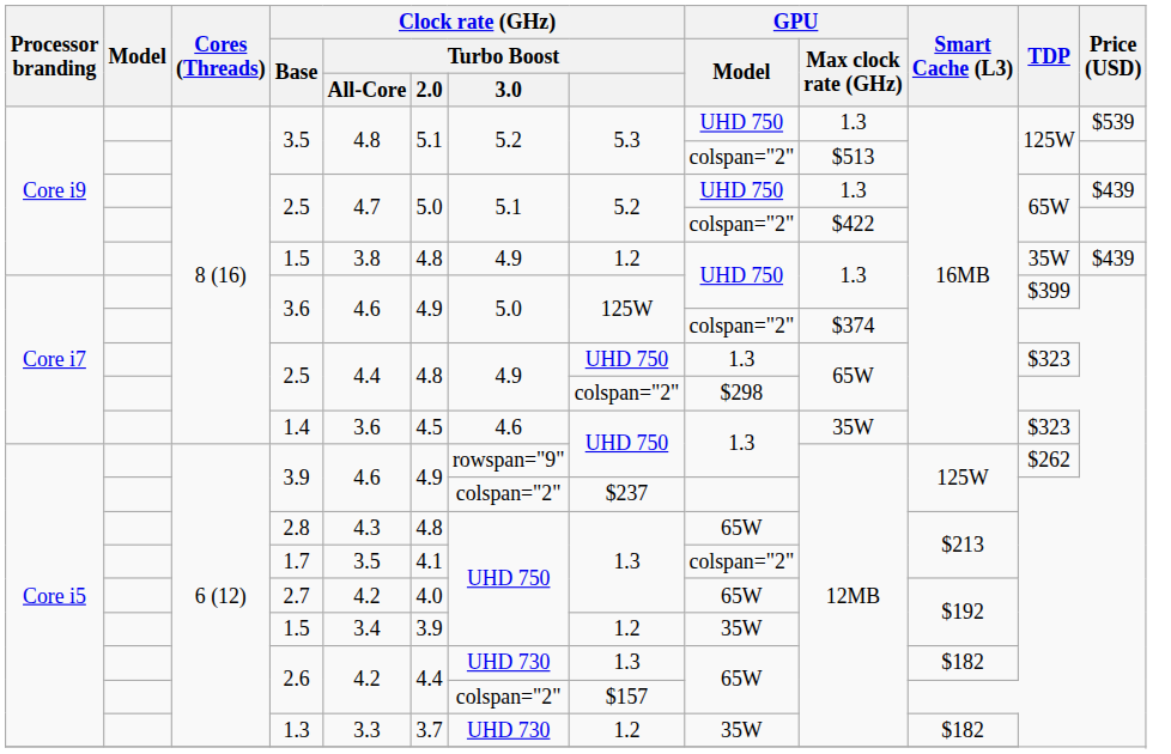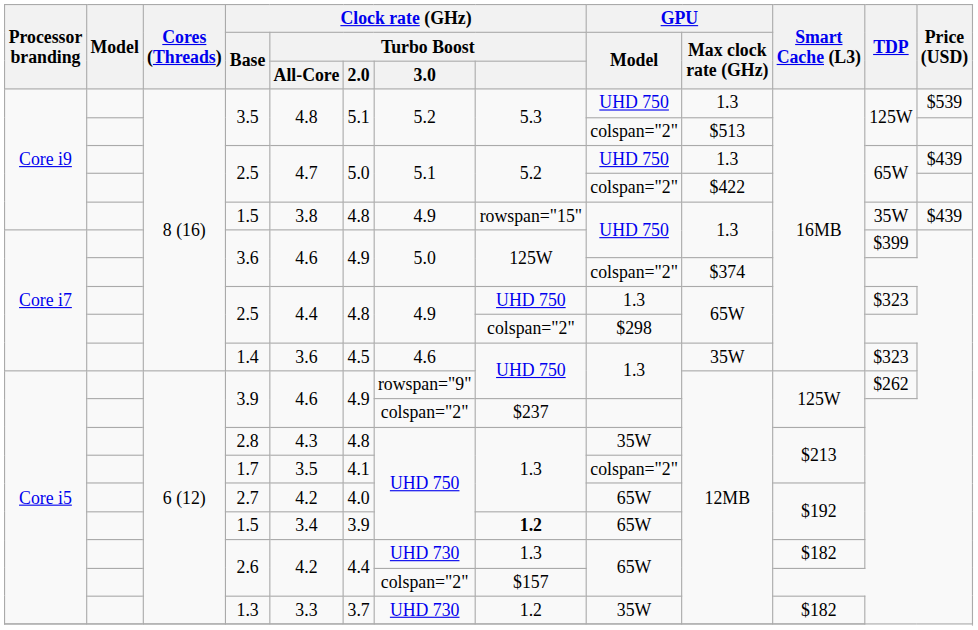 <table class="wikitable sortable" style="text-align: center;">
 <tr>
 <th rowspan="3">Processor<br>branding</th>
 <th rowspan="3">Model</th>
 <th rowspan="3"><a href='#'>Cores</a> <br> (<a href='#'>Threads</a>)</th>
 <th colspan="5"><a href='#'>Clock rate</a> (GHz)</th>
 <th colspan="2"><a href='#'>GPU</a></th>
 <th rowspan="3"><a href='#'>Smart <br> Cache</a> (L3)</th>
 <th rowspan="3"><a href='#'>TDP</a></th>
 <th rowspan="3">Price <br> (USD)</th>
 </tr>
 <tr>
 <th rowspan="2">Base</th>
 <th colspan="4">Turbo Boost</th>
 <th rowspan="2">Model</th>
 <th rowspan="2">Max clock <br> rate (GHz)</th>
 </tr>
 <tr>
 <th>All-Core</th>
 <th>2.0</th>
 <th>3.0</th>
 <th></th>
 </tr>
 <tr>
 <td rowspan="5"><a href='#'>Core i9</a></td>
 <td></td>
 <td rowspan="10">8 (16)</td>
 <td rowspan="2">3.5</td>
 <td rowspan="2">4.8</td>
 <td rowspan="2">5.1</td>
 <td rowspan="2">5.2</td>
 <td rowspan="2">5.3</td>
 <td><a href='#'>UHD 750</a></td>
 <td>1.3</td>
 <td rowspan="10">16MB</td>
 <td rowspan="2">125W</td>
 <td>$539</td>
 </tr>
 <tr>
 <td></td>
 <td>colspan="2" </td>
 <td>$513</td>
 </tr>
 <tr>
 <td></td>
 <td rowspan="2">2.5</td>
 <td rowspan="2">4.7</td>
 <td rowspan="2">5.0</td>
 <td rowspan="2">5.1</td>
 <td rowspan="2">5.2</td>
 <td><a href='#'>UHD 750</a></td>
 <td>1.3</td>
 <td rowspan="2">65W</td>
 <td>$439</td>
 </tr>
 <tr>
 <td></td>
 <td>colspan="2" </td>
 <td>$422</td>
 </tr>
 <tr>
 <td></td>
 <td>1.5</td>
 <td>3.8</td>
 <td>4.8</td>
 <td>4.9</td>
-<td>1.2</td>
+<td>rowspan="15" </td>
 <td rowspan="2"><a href='#'>UHD 750</a></td>
 <td rowspan="2">1.3</td>
 <td>35W</td>
 <td>$439</td>
 </tr>
 <tr>
 <td rowspan="5"><a href='#'>Core i7</a></td>
 <td></td>
 <td rowspan="2">3.6</td>
 <td rowspan="2">4.6</td>
 <td rowspan="2">4.9</td>
 <td rowspan="2">5.0</td>
 <td rowspan="2">125W</td>
 <td>$399</td>
 </tr>
 <tr>
 <td></td>
 <td>colspan="2" </td>
 <td>$374</td>
 </tr>
 <tr>
 <td></td>
 <td rowspan="2">2.5</td>
 <td rowspan="2">4.4</td>
 <td rowspan="2">4.8</td>
 <td rowspan="2">4.9</td>
 <td><a href='#'>UHD 750</a></td>
 <td>1.3</td>
 <td rowspan="2">65W</td>
 <td>$323</td>
 </tr>
 <tr>
 <td></td>
 <td>colspan="2" </td>
 <td>$298</td>
 </tr>
 <tr>
 <td></td>
 <td>1.4</td>
 <td>3.6</td>
 <td>4.5</td>
 <td>4.6</td>
 <td rowspan="2"><a href='#'>UHD 750</a></td>
 <td rowspan="2">1.3</td>
 <td>35W</td>
 <td>$323</td>
 </tr>
 <tr>
 <td rowspan="9"><a href='#'>Core i5</a></td>
 <td></td>
 <td rowspan="9">6 (12)</td>
 <td rowspan="2">3.9</td>
 <td rowspan="2">4.6</td>
 <td rowspan="2">4.9</td>
 <td>rowspan="9" </td>
 <td rowspan="9">12MB</td>
 <td rowspan="2">125W</td>
 <td>$262</td>
 </tr>
 <tr>
 <td></td>
 <td>colspan="2" </td>
 <td>$237</td>
 </tr>
 <tr>
 <td></td>
 <td>2.8</td>
 <td>4.3</td>
 <td>4.8</td>
 <td rowspan="4"><a href='#'>UHD 750</a></td>
 <td rowspan="3">1.3</td>
-<td>65W</td>
+<td>35W</td>
 <td rowspan="2">$213</td>
 </tr>
 <tr>
 <td></td>
 <td>1.7</td>
 <td>3.5</td>
 <td>4.1</td>
 <td>colspan="2" </td>
 </tr>
 <tr>
 <td></td>
 <td>2.7</td>
 <td>4.2</td>
 <td>4.0</td>
 <td>65W</td>
 <td rowspan="2">$192</td>
 </tr>
 <tr>
 <td></td>
 <td>1.5</td>
 <td>3.4</td>
 <td>3.9</td>
-<td>1.2</td>
-<td>35W</td>
+<td><strong>1.2</strong></td>
+<td>65W</td>
 </tr>
 <tr>
 <td></td>
 <td rowspan="2">2.6</td>
 <td rowspan="2">4.2</td>
 <td rowspan="2">4.4</td>
 <td><a href='#'>UHD 730</a></td>
 <td>1.3</td>
 <td rowspan="2">65W</td>
 <td>$182</td>
 </tr>
 <tr>
 <td></td>
 <td>colspan="2" </td>
 <td>$157</td>
 </tr>
 <tr>
 <td></td>
 <td>1.3</td>
 <td>3.3</td>
 <td>3.7</td>
 <td><a href='#'>UHD 730</a></td>
 <td>1.2</td>
 <td>35W</td>
 <td>$182</td>
 </tr>
 <tr>
 </tr>
 </table>
